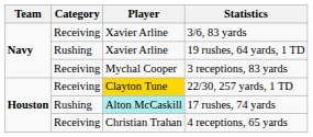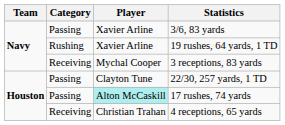 <table class="wikitable" style="float: left;">
 <tr>
 <th>Team</th>
 <th>Category</th>
 <th>Player</th>
 <th>Statistics</th>
 </tr>
 <tr>
 <td rowspan=3><strong>Navy</strong></td>
-<td>Receiving</td>
+<td>Passing</td>
 <td>Xavier Arline</td>
 <td>3/6, 83 yards</td>
 </tr>
 <tr>
 <td>Rushing</td>
 <td>Xavier Arline</td>
 <td>19 rushes, 64 yards, 1 TD</td>
 </tr>
 <tr>
 <td>Receiving</td>
 <td>Mychal Cooper</td>
 <td>3 receptions, 83 yards</td>
 </tr>
 <tr>
 <td rowspan=3><strong>Houston</strong></td>
-<td>Receiving</td>
-<td style="background: gold;">Clayton Tune</td>
+<td>Passing</td>
+<td>Clayton Tune</td>
 <td>22/30, 257 yards, 1 TD</td>
 </tr>
 <tr>
-<td>Rushing</td>
+<td>Passing</td>
 <td style="background: paleturquoise;">Alton McCaskill</td>
 <td>17 rushes, 74 yards</td>
 </tr>
 <tr>
 <td>Receiving</td>
 <td>Christian Trahan</td>
 <td>4 receptions, 65 yards</td>
 </tr>
 </table>
